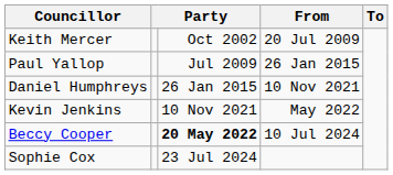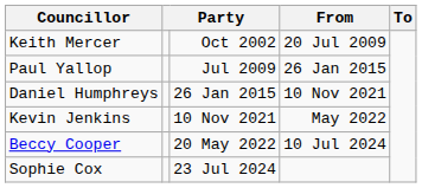 <table class=wikitable>
 <tr>
 <th>Councillor</th>
 <th colspan=2>Party</th>
 <th>From</th>
 <th>To</th>
 </tr>
 <tr>
 <td>Keith Mercer</td>
 <td></td>
 <td align=right>Oct 2002</td>
 <td align=right>20 Jul 2009</td>
 </tr>
 <tr>
 <td>Paul Yallop</td>
 <td></td>
 <td align=right>Jul 2009</td>
 <td align=right>26 Jan 2015</td>
 </tr>
 <tr>
 <td>Daniel Humphreys</td>
 <td></td>
 <td align=right>26 Jan 2015</td>
 <td align=right>10 Nov 2021</td>
 </tr>
 <tr>
 <td>Kevin Jenkins</td>
 <td></td>
 <td align=right>10 Nov 2021</td>
 <td align=right>May 2022</td>
 </tr>
 <tr>
 <td><a href='#'>Beccy Cooper</a></td>
 <td></td>
-<td align=right><strong>20 May 2022</strong></td>
+<td align=right>20 May 2022</td>
 <td align=right>10 Jul 2024</td>
 </tr>
 <tr>
 <td>Sophie Cox</td>
 <td></td>
 <td align=right>23 Jul 2024</td>
 <td align=right></td>
 </tr>
 </table>
